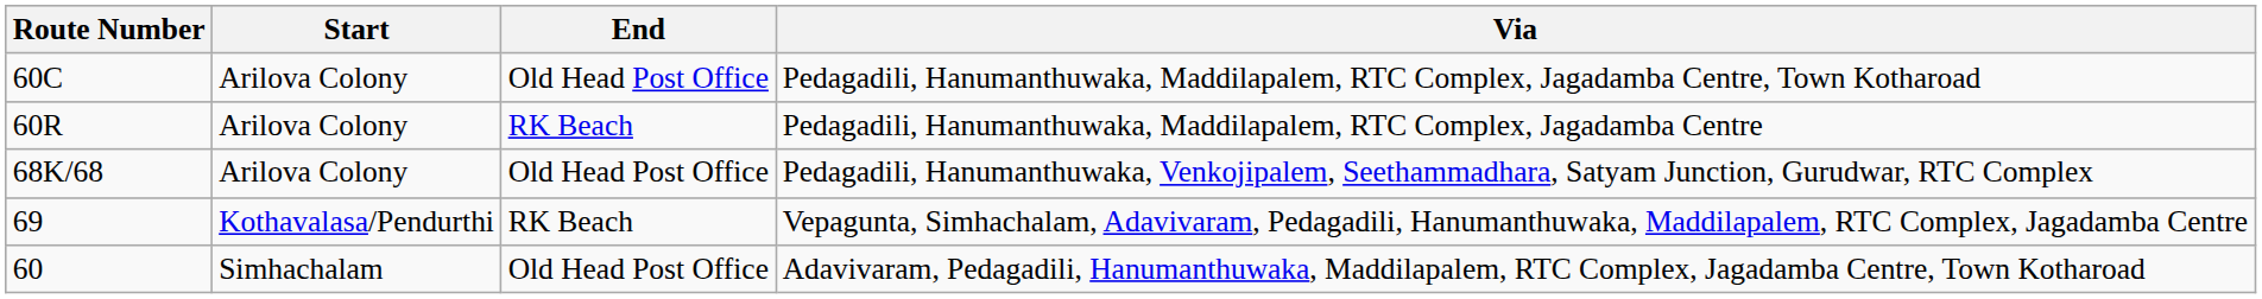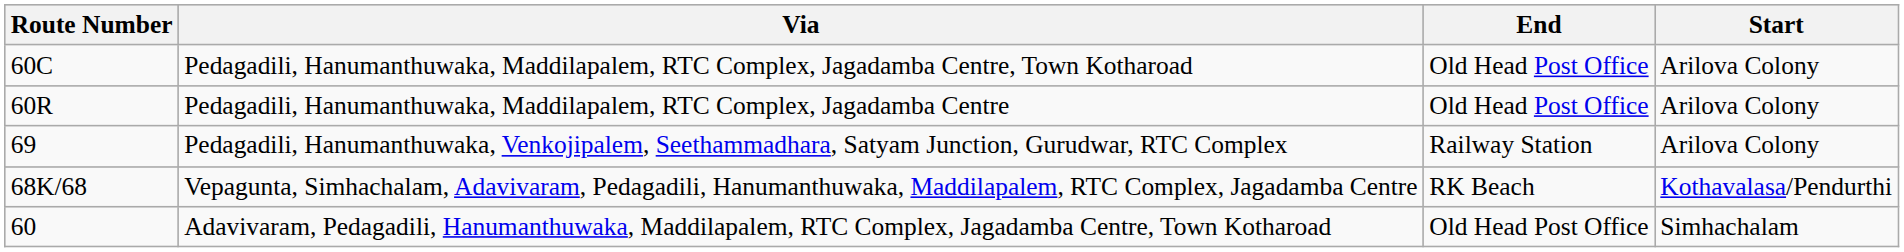 <table class="sortable wikitable">
 <tr>
 <th>Route Number</th>
+<th>Via</th>
+<th>End</th>
 <th>Start</th>
-<th>End</th>
-<th>Via</th>
 </tr>
 <tr>
 <td>60C</td>
+<td>Pedagadili, Hanumanthuwaka, Maddilapalem, RTC Complex, Jagadamba Centre, Town Kotharoad</td>
+<td>Old Head <a href='#'>Post Office</a></td>
 <td>Arilova Colony</td>
-<td>Old Head <a href='#'>Post Office</a></td>
-<td>Pedagadili, Hanumanthuwaka, Maddilapalem, RTC Complex, Jagadamba Centre, Town Kotharoad</td>
 </tr>
 <tr>
 <td>60R</td>
+<td>Pedagadili, Hanumanthuwaka, Maddilapalem, RTC Complex, Jagadamba Centre</td>
+<td>Old Head <a href='#'>Post Office</a></td>
 <td>Arilova Colony</td>
-<td><a href='#'>RK Beach</a></td>
-<td>Pedagadili, Hanumanthuwaka, Maddilapalem, RTC Complex, Jagadamba Centre</td>
+</tr>
+<tr>
+<td>69</td>
+<td>Pedagadili, Hanumanthuwaka, <a href='#'>Venkojipalem</a>, <a href='#'>Seethammadhara</a>, Satyam Junction, Gurudwar, RTC Complex</td>
+<td>Railway Station</td>
+<td>Arilova Colony</td>
 </tr>
 <tr>
 <td>68K/68</td>
-<td>Arilova Colony</td>
-<td>Old Head Post Office</td>
-<td>Pedagadili, Hanumanthuwaka, <a href='#'>Venkojipalem</a>, <a href='#'>Seethammadhara</a>, Satyam Junction, Gurudwar, RTC Complex</td>
-</tr>
-<tr>
-<td>69</td>
+<td>Vepagunta, Simhachalam, <a href='#'>Adavivaram</a>, Pedagadili, Hanumanthuwaka, <a href='#'>Maddilapalem</a>, RTC Complex, Jagadamba Centre</td>
+<td>RK Beach</td>
 <td><a href='#'>Kothavalasa</a>/Pendurthi</td>
-<td>RK Beach</td>
-<td>Vepagunta, Simhachalam, <a href='#'>Adavivaram</a>, Pedagadili, Hanumanthuwaka, <a href='#'>Maddilapalem</a>, RTC Complex, Jagadamba Centre</td>
 </tr>
 <tr>
 <td>60</td>
+<td>Adavivaram, Pedagadili, <a href='#'>Hanumanthuwaka</a>, Maddilapalem, RTC Complex, Jagadamba Centre, Town Kotharoad</td>
+<td>Old Head Post Office</td>
 <td>Simhachalam</td>
-<td>Old Head Post Office</td>
-<td>Adavivaram, Pedagadili, <a href='#'>Hanumanthuwaka</a>, Maddilapalem, RTC Complex, Jagadamba Centre, Town Kotharoad</td>
 </tr>
 </table>
